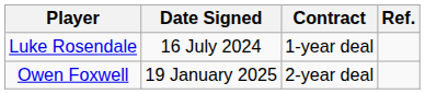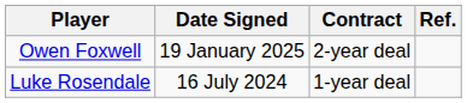 <table class="wikitable sortable sortable" style="text-align: center">
 <tr>
 <th>Player</th>
 <th>Date Signed</th>
 <th>Contract</th>
 <th>Ref.</th>
 </tr>
 <tr>
+<td><a href='#'>Owen Foxwell</a></td>
+<td>19 January 2025</td>
+<td>2-year deal</td>
+<td></td>
+</tr>
+<tr>
 <td><a href='#'>Luke Rosendale</a></td>
 <td>16 July 2024</td>
 <td>1-year deal</td>
 <td></td>
 </tr>
-<tr>
-<td><a href='#'>Owen Foxwell</a></td>
-<td>19 January 2025</td>
-<td>2-year deal</td>
-<td></td>
-</tr>
 </table>
